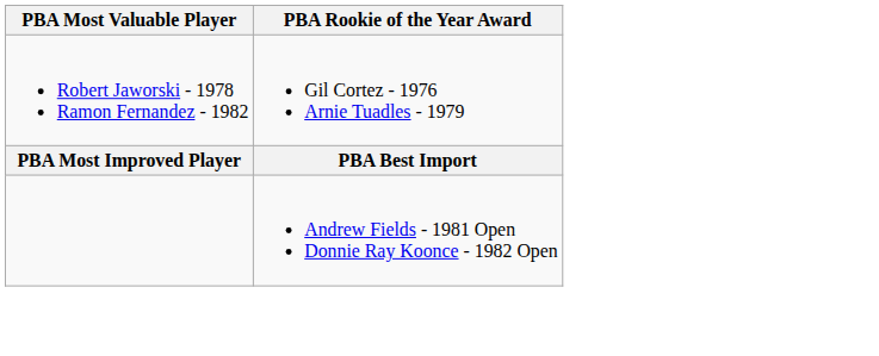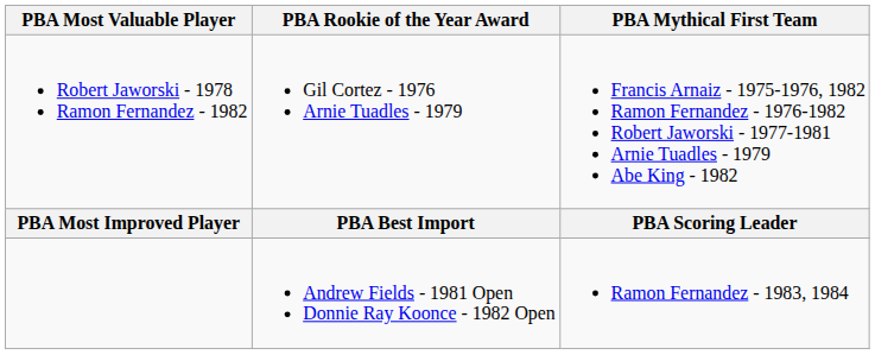 <table class=wikitable>
 <tr>
 <th>PBA Most Valuable Player</th>
 <th>PBA Rookie of the Year Award</th>
+<th>PBA Mythical First Team</th>
 </tr>
 <tr>
 <td valign="top"><br><ul><li><a href='#'>Robert Jaworski</a> - 1978</li><li><a href='#'>Ramon Fernandez</a> - 1982</li></ul></td>
 <td valign="top"><br><ul><li>Gil Cortez - 1976</li><li><a href='#'>Arnie Tuadles</a> - 1979</li></ul></td>
+<td valign="top"><br><ul><li><a href='#'>Francis Arnaiz</a> - 1975-1976, 1982</li><li><a href='#'>Ramon Fernandez</a> - 1976-1982</li><li><a href='#'>Robert Jaworski</a> - 1977-1981</li><li><a href='#'>Arnie Tuadles</a> - 1979</li><li><a href='#'>Abe King</a> - 1982</li></ul></td>
 </tr>
 <tr>
 <th>PBA Most Improved Player</th>
 <th>PBA Best Import</th>
+<th>PBA Scoring Leader</th>
 </tr>
 <tr>
 <td valign="top"></td>
 <td valign="top"><br><ul><li><a href='#'>Andrew Fields</a> - 1981 Open</li><li><a href='#'>Donnie Ray Koonce</a> - 1982 Open</li></ul></td>
+<td valign="top"><br><ul><li><a href='#'>Ramon Fernandez</a> - 1983, 1984</li></ul></td>
 </tr>
 </table>
